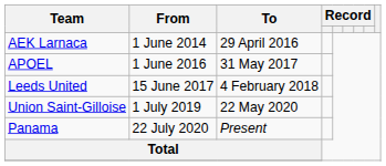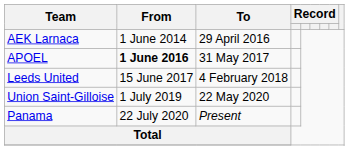 <table class=wikitable style="text-align: center">
 <tr>
 <th rowspan=2>Team</th>
 <th rowspan=2>From</th>
 <th rowspan=2>To</th>
 <th colspan=5>Record</th>
 <th rowspan=2></th>
 </tr>
 <tr>
 <th></th>
 <th></th>
 <th></th>
 <th></th>
 <th></th>
 </tr>
 <tr>
 <td align=left><a href='#'>AEK Larnaca</a></td>
 <td align=left>1 June 2014</td>
 <td align=left>29 April 2016<br></td>
 <td></td>
 </tr>
 <tr>
 <td align=left><a href='#'>APOEL</a></td>
-<td align=left>1 June 2016</td>
+<td align=left><strong>1 June 2016</strong></td>
 <td align=left>31 May 2017<br></td>
 <td></td>
 </tr>
 <tr>
 <td align=left><a href='#'>Leeds United</a></td>
 <td align=left>15 June 2017</td>
 <td align=left>4 February 2018<br></td>
 <td></td>
 </tr>
 <tr>
 <td align=left><a href='#'>Union Saint-Gilloise</a></td>
 <td align=left>1 July 2019</td>
 <td align=left>22 May 2020<br></td>
 <td></td>
 </tr>
 <tr>
 <td align=left><a href='#'>Panama</a></td>
 <td align=left>22 July 2020</td>
 <td align=left><em>Present</em><br></td>
 <td></td>
 </tr>
 <tr>
 <th colspan=3>Total<br></th>
 </tr>
 <tr>
 </tr>
 </table>
